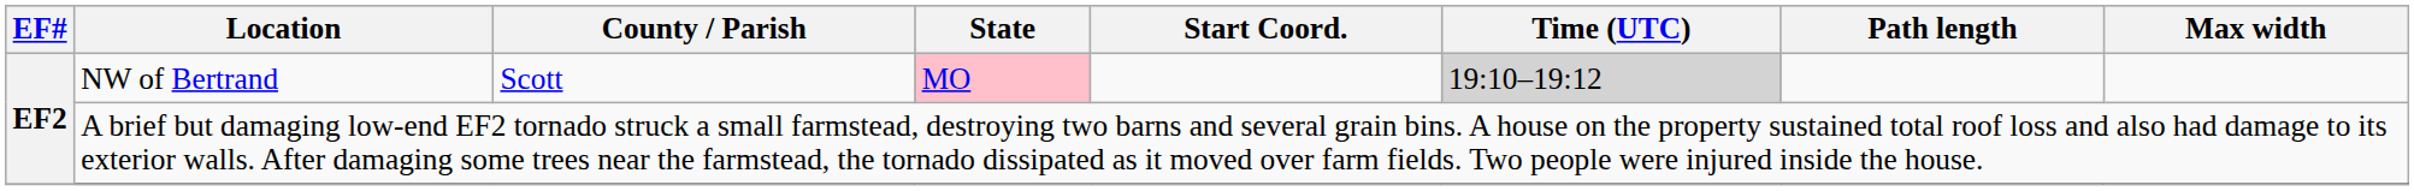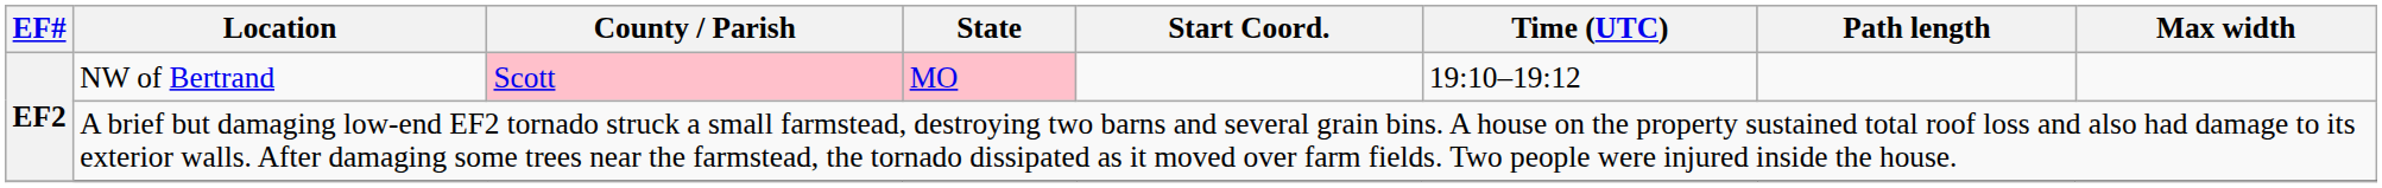 <table class="wikitable sortable" style="width:100%;">
 <tr>
 <th scope="col" width="2%" align="center"><a href='#'>EF#</a></th>
 <th scope="col" align="center" class="unsortable">Location</th>
 <th scope="col" align="center" class="unsortable">County / Parish</th>
 <th scope="col" align="center">State</th>
 <th scope="col" align="center">Start Coord.</th>
 <th scope="col" align="center">Time (<a href='#'>UTC</a>)</th>
 <th scope="col" align="center">Path length</th>
 <th scope="col" align="center">Max width</th>
 </tr>
 <tr>
 <th scope="row" rowspan="2" style="background-color:#">EF2</th>
 <td>NW of <a href='#'>Bertrand</a></td>
-<td><a href='#'>Scott</a></td>
+<td style="background: pink;"><a href='#'>Scott</a></td>
 <td style="background: pink;"><a href='#'>MO</a></td>
 <td></td>
-<td style="background: lightgrey;">19:10–19:12</td>
+<td>19:10–19:12</td>
 <td></td>
 <td></td>
 </tr>
 <tr class="expand-child">
 <td colspan="8" style=" border-bottom: 1px solid black;">A brief but damaging low-end EF2 tornado struck a small farmstead, destroying two barns and several grain bins. A house on the property sustained total roof loss and also had damage to its exterior walls. After damaging some trees near the farmstead, the tornado dissipated as it moved over farm fields. Two people were injured inside the house.</td>
 </tr>
 <tr>
 </tr>
 </table>
